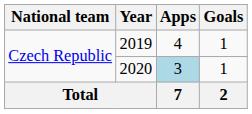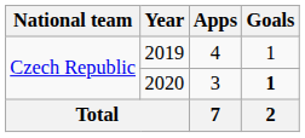 <table class="wikitable" style="text-align:center">
 <tr>
 <th>National team</th>
 <th>Year</th>
 <th>Apps</th>
 <th>Goals</th>
 </tr>
 <tr>
 <td rowspan="2"><a href='#'>Czech Republic</a></td>
 <td>2019</td>
 <td>4</td>
 <td>1</td>
 </tr>
 <tr>
 <td>2020</td>
-<td style="background: lightblue;">3</td>
-<td>1</td>
+<td>3</td>
+<td><strong>1</strong></td>
 </tr>
 <tr>
 <th colspan="2">Total</th>
 <th>7</th>
 <th>2</th>
 </tr>
 </table>
